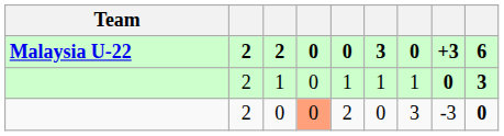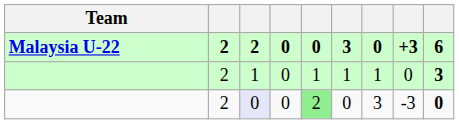 <table class="wikitable" style="text-align:center">
 <tr>
 <th width="175">Team</th>
 <th width="20"></th>
 <th width="20"></th>
 <th width="20"></th>
 <th width="20"></th>
 <th width="20"></th>
 <th width="20"></th>
 <th width="20"></th>
 <th width="20"></th>
 </tr>
 <tr bgcolor=#ccffcc>
 <td align=left> <strong><a href='#'>Malaysia U-22</a></strong></td>
 <td><strong>2</strong></td>
 <td><strong>2</strong></td>
 <td><strong>0</strong></td>
 <td><strong>0</strong></td>
 <td><strong>3</strong></td>
 <td><strong>0</strong></td>
 <td><strong>+3</strong></td>
 <td><strong>6</strong></td>
 </tr>
 <tr bgcolor=#ccffcc>
 <td align=left></td>
 <td>2</td>
 <td>1</td>
 <td>0</td>
 <td>1</td>
 <td>1</td>
 <td>1</td>
-<td><strong>0</strong></td>
+<td>0</td>
 <td><strong>3</strong></td>
 </tr>
 <tr>
 <td align=left></td>
 <td>2</td>
+<td style="background: lavender;">0</td>
 <td>0</td>
-<td style="background: lightsalmon;">0</td>
-<td>2</td>
+<td style="background: lightgreen;">2</td>
 <td>0</td>
 <td>3</td>
 <td>-3</td>
 <td><strong>0</strong></td>
 </tr>
 </table>
